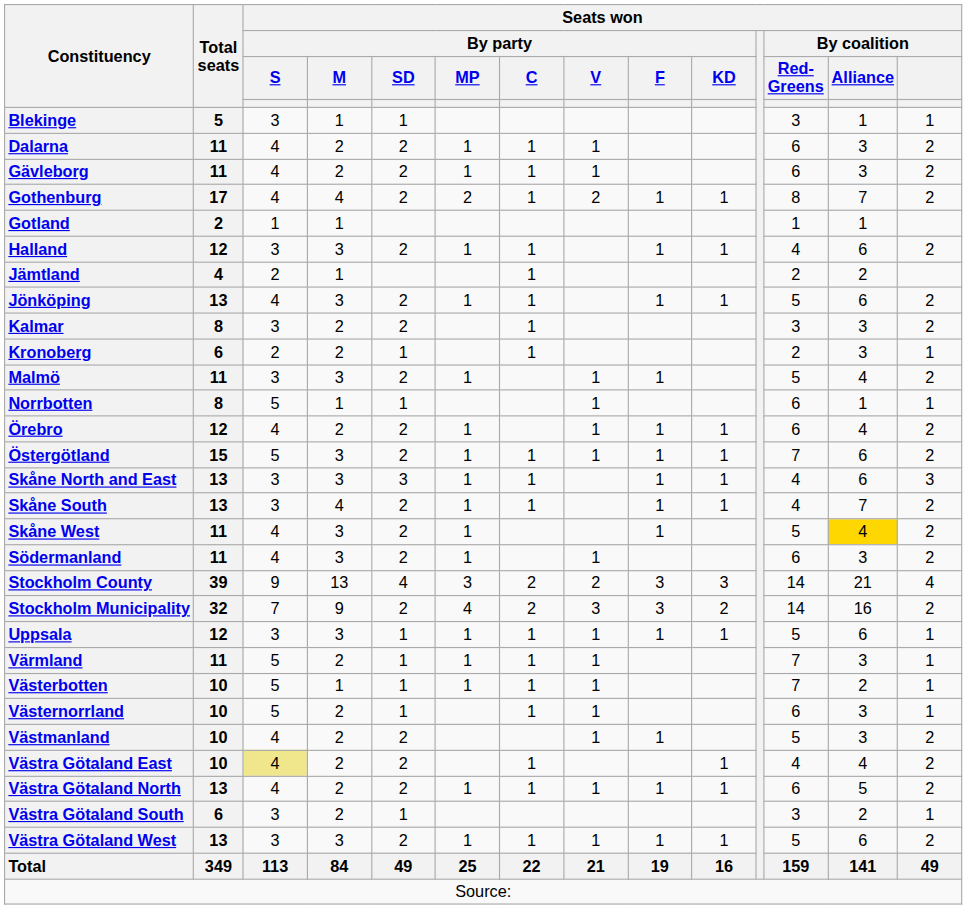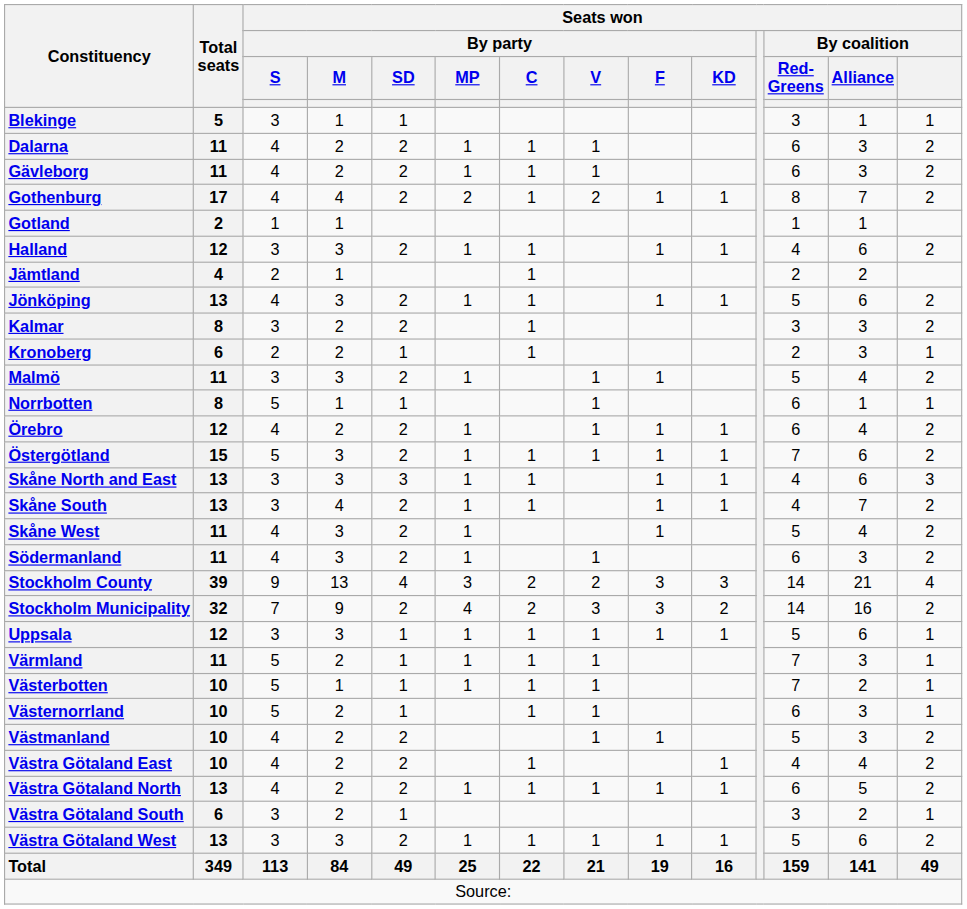 <table class="wikitable" style="text-align:center; font-size: 0.9em;">
 <tr>
 <th rowspan="4">Constituency</th>
 <th rowspan="4">Total<br>seats</th>
 <th colspan="12">Seats won</th>
 </tr>
 <tr>
 <th colspan="8">By party</th>
 <th rowspan="33"></th>
 <th colspan="3">By coalition</th>
 </tr>
 <tr>
 <th class="unsortable" style="width:50px;"><a href='#'>S</a></th>
 <th class="unsortable" style="width:50px;"><a href='#'>M</a></th>
 <th class="unsortable" style="width:50px;"><a href='#'>SD</a></th>
 <th class="unsortable" style="width:50px;"><a href='#'>MP</a></th>
 <th class="unsortable" style="width:50px;"><a href='#'>C</a></th>
 <th class="unsortable" style="width:50px;"><a href='#'>V</a></th>
 <th class="unsortable" style="width:50px;"><a href='#'>F</a></th>
 <th class="unsortable" style="width:50px;"><a href='#'>KD</a></th>
 <th class="unsortable" style="width:50px;"><a href='#'>Red-Greens</a></th>
 <th class="unsortable" style="width:50px;"><a href='#'>Alliance</a></th>
 <th class="unsortable" style="width:50px;"></th>
 </tr>
 <tr>
 <th style="background:"></th>
 <th style="background:"></th>
 <th style="background:"></th>
 <th style="background:"></th>
 <th style="background:"></th>
 <th style="background:"></th>
 <th style="background:"></th>
 <th style="background:"></th>
 <th style="background:"></th>
 <th style="background:"></th>
 <th></th>
 </tr>
 <tr>
 <th style="text-align: left;"><a href='#'>Blekinge</a></th>
 <th>5</th>
 <td>3</td>
 <td>1</td>
 <td>1</td>
 <td></td>
 <td></td>
 <td></td>
 <td></td>
 <td></td>
 <td>3</td>
 <td>1</td>
 <td>1</td>
 </tr>
 <tr>
 <th style="text-align: left;"><a href='#'>Dalarna</a></th>
 <th>11</th>
 <td>4</td>
 <td>2</td>
 <td>2</td>
 <td>1</td>
 <td>1</td>
 <td>1</td>
 <td></td>
 <td></td>
 <td>6</td>
 <td>3</td>
 <td>2</td>
 </tr>
 <tr>
 <th style="text-align: left;"><a href='#'>Gävleborg</a></th>
 <th>11</th>
 <td>4</td>
 <td>2</td>
 <td>2</td>
 <td>1</td>
 <td>1</td>
 <td>1</td>
 <td></td>
 <td></td>
 <td>6</td>
 <td>3</td>
 <td>2</td>
 </tr>
 <tr>
 <th style="text-align: left;"><a href='#'>Gothenburg</a></th>
 <th>17</th>
 <td>4</td>
 <td>4</td>
 <td>2</td>
 <td>2</td>
 <td>1</td>
 <td>2</td>
 <td>1</td>
 <td>1</td>
 <td>8</td>
 <td>7</td>
 <td>2</td>
 </tr>
 <tr>
 <th style="text-align: left;"><a href='#'>Gotland</a></th>
 <th>2</th>
 <td>1</td>
 <td>1</td>
 <td></td>
 <td></td>
 <td></td>
 <td></td>
 <td></td>
 <td></td>
 <td>1</td>
 <td>1</td>
 <td></td>
 </tr>
 <tr>
 <th style="text-align: left;"><a href='#'>Halland</a></th>
 <th>12</th>
 <td>3</td>
 <td>3</td>
 <td>2</td>
 <td>1</td>
 <td>1</td>
 <td></td>
 <td>1</td>
 <td>1</td>
 <td>4</td>
 <td>6</td>
 <td>2</td>
 </tr>
 <tr>
 <th style="text-align: left;"><a href='#'>Jämtland</a></th>
 <th>4</th>
 <td>2</td>
 <td>1</td>
 <td></td>
 <td></td>
 <td>1</td>
 <td></td>
 <td></td>
 <td></td>
 <td>2</td>
 <td>2</td>
 <td></td>
 </tr>
 <tr>
 <th style="text-align: left;"><a href='#'>Jönköping</a></th>
 <th>13</th>
 <td>4</td>
 <td>3</td>
 <td>2</td>
 <td>1</td>
 <td>1</td>
 <td></td>
 <td>1</td>
 <td>1</td>
 <td>5</td>
 <td>6</td>
 <td>2</td>
 </tr>
 <tr>
 <th style="text-align: left;"><a href='#'>Kalmar</a></th>
 <th>8</th>
 <td>3</td>
 <td>2</td>
 <td>2</td>
 <td></td>
 <td>1</td>
 <td></td>
 <td></td>
 <td></td>
 <td>3</td>
 <td>3</td>
 <td>2</td>
 </tr>
 <tr>
 <th style="text-align: left;"><a href='#'>Kronoberg</a></th>
 <th>6</th>
 <td>2</td>
 <td>2</td>
 <td>1</td>
 <td></td>
 <td>1</td>
 <td></td>
 <td></td>
 <td></td>
 <td>2</td>
 <td>3</td>
 <td>1</td>
 </tr>
 <tr>
 <th style="text-align: left;"><a href='#'>Malmö</a></th>
 <th>11</th>
 <td>3</td>
 <td>3</td>
 <td>2</td>
 <td>1</td>
 <td></td>
 <td>1</td>
 <td>1</td>
 <td></td>
 <td>5</td>
 <td>4</td>
 <td>2</td>
 </tr>
 <tr>
 <th style="text-align: left;"><a href='#'>Norrbotten</a></th>
 <th>8</th>
 <td>5</td>
 <td>1</td>
 <td>1</td>
 <td></td>
 <td></td>
 <td>1</td>
 <td></td>
 <td></td>
 <td>6</td>
 <td>1</td>
 <td>1</td>
 </tr>
 <tr>
 <th style="text-align: left;"><a href='#'>Örebro</a></th>
 <th>12</th>
 <td>4</td>
 <td>2</td>
 <td>2</td>
 <td>1</td>
 <td></td>
 <td>1</td>
 <td>1</td>
 <td>1</td>
 <td>6</td>
 <td>4</td>
 <td>2</td>
 </tr>
 <tr>
 <th style="text-align: left;"><a href='#'>Östergötland</a></th>
 <th>15</th>
 <td>5</td>
 <td>3</td>
 <td>2</td>
 <td>1</td>
 <td>1</td>
 <td>1</td>
 <td>1</td>
 <td>1</td>
 <td>7</td>
 <td>6</td>
 <td>2</td>
 </tr>
 <tr>
 <th style="text-align: left;"><a href='#'>Skåne North and East</a></th>
 <th>13</th>
 <td>3</td>
 <td>3</td>
 <td>3</td>
 <td>1</td>
 <td>1</td>
 <td></td>
 <td>1</td>
 <td>1</td>
 <td>4</td>
 <td>6</td>
 <td>3</td>
 </tr>
 <tr>
 <th style="text-align: left;"><a href='#'>Skåne South</a></th>
 <th>13</th>
 <td>3</td>
 <td>4</td>
 <td>2</td>
 <td>1</td>
 <td>1</td>
 <td></td>
 <td>1</td>
 <td>1</td>
 <td>4</td>
 <td>7</td>
 <td>2</td>
 </tr>
 <tr>
 <th style="text-align: left;"><a href='#'>Skåne West</a></th>
 <th>11</th>
 <td>4</td>
 <td>3</td>
 <td>2</td>
 <td>1</td>
 <td></td>
 <td></td>
 <td>1</td>
 <td></td>
 <td>5</td>
-<td style="background: gold;">4</td>
+<td>4</td>
 <td>2</td>
 </tr>
 <tr>
 <th style="text-align: left;"><a href='#'>Södermanland</a></th>
 <th>11</th>
 <td>4</td>
 <td>3</td>
 <td>2</td>
 <td>1</td>
 <td></td>
 <td>1</td>
 <td></td>
 <td></td>
 <td>6</td>
 <td>3</td>
 <td>2</td>
 </tr>
 <tr>
 <th style="text-align: left;"><a href='#'>Stockholm County</a></th>
 <th>39</th>
 <td>9</td>
 <td>13</td>
 <td>4</td>
 <td>3</td>
 <td>2</td>
 <td>2</td>
 <td>3</td>
 <td>3</td>
 <td>14</td>
 <td>21</td>
 <td>4</td>
 </tr>
 <tr>
 <th style="text-align: left;"><a href='#'>Stockholm Municipality</a></th>
 <th>32</th>
 <td>7</td>
 <td>9</td>
 <td>2</td>
 <td>4</td>
 <td>2</td>
 <td>3</td>
 <td>3</td>
 <td>2</td>
 <td>14</td>
 <td>16</td>
 <td>2</td>
 </tr>
 <tr>
 <th style="text-align: left;"><a href='#'>Uppsala</a></th>
 <th>12</th>
 <td>3</td>
 <td>3</td>
 <td>1</td>
 <td>1</td>
 <td>1</td>
 <td>1</td>
 <td>1</td>
 <td>1</td>
 <td>5</td>
 <td>6</td>
 <td>1</td>
 </tr>
 <tr>
 <th style="text-align: left;"><a href='#'>Värmland</a></th>
 <th>11</th>
 <td>5</td>
 <td>2</td>
 <td>1</td>
 <td>1</td>
 <td>1</td>
 <td>1</td>
 <td></td>
 <td></td>
 <td>7</td>
 <td>3</td>
 <td>1</td>
 </tr>
 <tr>
 <th style="text-align: left;"><a href='#'>Västerbotten</a></th>
 <th>10</th>
 <td>5</td>
 <td>1</td>
 <td>1</td>
 <td>1</td>
 <td>1</td>
 <td>1</td>
 <td></td>
 <td></td>
 <td>7</td>
 <td>2</td>
 <td>1</td>
 </tr>
 <tr>
 <th style="text-align: left;"><a href='#'>Västernorrland</a></th>
 <th>10</th>
 <td>5</td>
 <td>2</td>
 <td>1</td>
 <td></td>
 <td>1</td>
 <td>1</td>
 <td></td>
 <td></td>
 <td>6</td>
 <td>3</td>
 <td>1</td>
 </tr>
 <tr>
 <th style="text-align: left;"><a href='#'>Västmanland</a></th>
 <th>10</th>
 <td>4</td>
 <td>2</td>
 <td>2</td>
 <td></td>
 <td></td>
 <td>1</td>
 <td>1</td>
 <td></td>
 <td>5</td>
 <td>3</td>
 <td>2</td>
 </tr>
 <tr>
 <th style="text-align: left;"><a href='#'>Västra Götaland East</a></th>
 <th>10</th>
-<td style="background: khaki;">4</td>
+<td>4</td>
 <td>2</td>
 <td>2</td>
 <td></td>
 <td>1</td>
 <td></td>
 <td></td>
 <td>1</td>
 <td>4</td>
 <td>4</td>
 <td>2</td>
 </tr>
 <tr>
 <th style="text-align: left;"><a href='#'>Västra Götaland North</a></th>
 <th>13</th>
 <td>4</td>
 <td>2</td>
 <td>2</td>
 <td>1</td>
 <td>1</td>
 <td>1</td>
 <td>1</td>
 <td>1</td>
 <td>6</td>
 <td>5</td>
 <td>2</td>
 </tr>
 <tr>
 <th style="text-align: left;"><a href='#'>Västra Götaland South</a></th>
 <th>6</th>
 <td>3</td>
 <td>2</td>
 <td>1</td>
 <td></td>
 <td></td>
 <td></td>
 <td></td>
 <td></td>
 <td>3</td>
 <td>2</td>
 <td>1</td>
 </tr>
 <tr>
 <th style="text-align: left;"><a href='#'>Västra Götaland West</a></th>
 <th>13</th>
 <td>3</td>
 <td>3</td>
 <td>2</td>
 <td>1</td>
 <td>1</td>
 <td>1</td>
 <td>1</td>
 <td>1</td>
 <td>5</td>
 <td>6</td>
 <td>2</td>
 </tr>
 <tr>
 <th style="text-align: left;">Total</th>
 <th>349</th>
 <th>113</th>
 <th>84</th>
 <th>49</th>
 <th>25</th>
 <th>22</th>
 <th>21</th>
 <th>19</th>
 <th>16</th>
 <th>159</th>
 <th>141</th>
 <th>49</th>
 </tr>
 <tr>
 <td colspan="14">Source: </td>
 </tr>
 </table>
